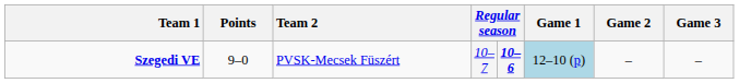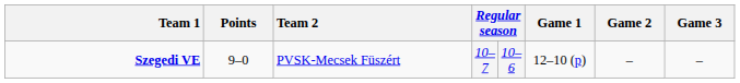 <table class=wikitable style="text-align:center">
 <tr>
 <th style="width:250px; text-align:right;">Team 1</th>
 <th style="width:80px;">Points</th>
 <th style="width:250px; text-align:left;">Team 2</th>
 <th colspan=2; style="width:170px;"><em><a href='#'>Regular season</a></em></th>
 <th style="width:80px;">Game 1</th>
 <th style="width:80px;">Game 2</th>
 <th style="width:80px;">Game 3</th>
 </tr>
 <tr>
 <td style="text-align:right;"><strong><a href='#'>Szegedi VE</a></strong></td>
 <td>9–0</td>
 <td style="text-align:left;"><a href='#'>PVSK-Mecsek Füszért</a></td>
 <td bgcolor=#f5f5f5><em><a href='#'>10–7</a></em></td>
-<td bgcolor=#f5f5f5><strong><em><a href='#'>10–6</a></em></strong></td>
-<td style="background: lightblue;">12–10 (<a href='#'>p</a>)</td>
+<td bgcolor=#f5f5f5><em><a href='#'>10–6</a></em></td>
+<td>12–10 (<a href='#'>p</a>)</td>
 <td>–</td>
 <td>–</td>
 </tr>
 </table>
